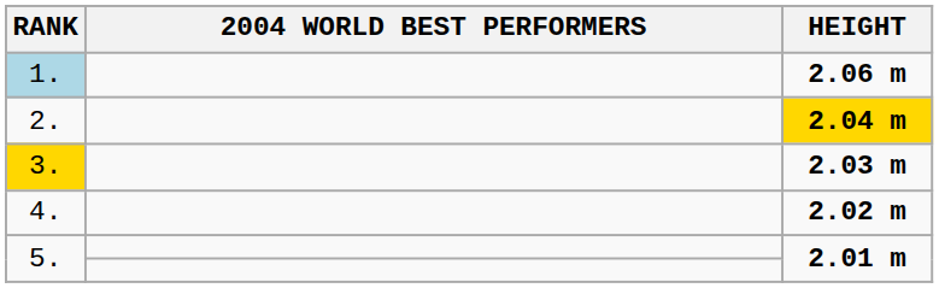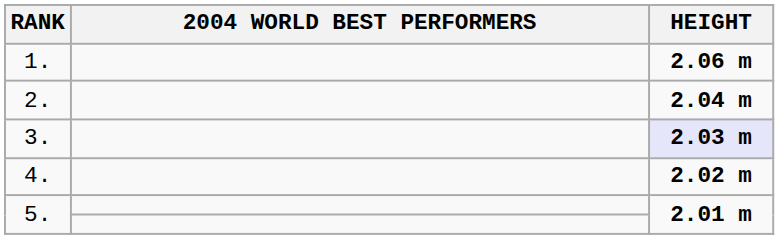 <table class="wikitable" style="border-collapse: collapse; font-size: 90%;">
 <tr>
 <th>RANK</th>
 <th align="center" style="width: 25em">2004 WORLD BEST PERFORMERS</th>
 <th align="center" style="width: 5em">HEIGHT</th>
 </tr>
 <tr>
-<td align="center" style="background: lightblue;">1.</td>
+<td align="center">1.</td>
 <td></td>
 <td align="center"><strong>2.06 m</strong></td>
 </tr>
 <tr>
 <td align="center">2.</td>
 <td></td>
-<td align="center" style="background: gold;"><strong>2.04 m</strong></td>
+<td align="center"><strong>2.04 m</strong></td>
 </tr>
 <tr>
-<td align="center" style="background: gold;">3.</td>
+<td align="center">3.</td>
 <td></td>
-<td align="center"><strong>2.03 m</strong></td>
+<td align="center" style="background: lavender;"><strong>2.03 m</strong></td>
 </tr>
 <tr>
 <td align="center">4.</td>
 <td></td>
 <td align="center"><strong>2.02 m</strong></td>
 </tr>
 <tr>
 <td rowspan=2 align="center">5.</td>
 <td></td>
 <td rowspan=2 align="center"><strong>2.01 m</strong></td>
 </tr>
 <tr>
 <td></td>
 </tr>
 </table>
